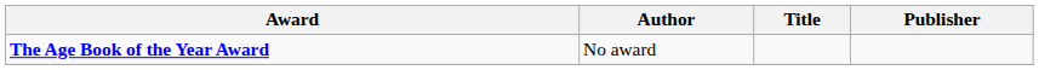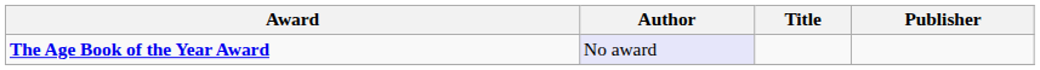 <table class="wikitable" width=100%>
 <tr>
 <th>Award</th>
 <th>Author</th>
 <th>Title</th>
 <th>Publisher</th>
 </tr>
 <tr>
 <td><strong><a href='#'>The Age Book of the Year Award</a></strong></td>
-<td>No award</td>
+<td style="background: lavender;">No award</td>
 <td></td>
 <td></td>
 </tr>
 <tr>
 </tr>
 </table>
